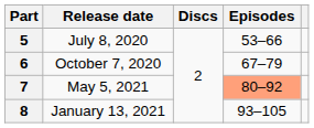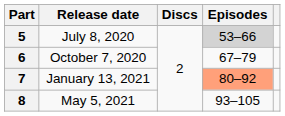 <table class="wikitable" style="text-align: center; width: 26%;">
 <tr>
 <th scope="col">Part</th>
 <th scope="col">Release date</th>
 <th scope="col">Discs</th>
 <th scope="col">Episodes</th>
 <th scope="col"></th>
 </tr>
 <tr>
 <th scope="row">5</th>
 <td>July 8, 2020</td>
 <td rowspan="4">2</td>
-<td>53–66</td>
+<td style="background: lightgrey;">53–66</td>
 <td></td>
 </tr>
 <tr>
 <th scope="row">6</th>
 <td>October 7, 2020</td>
 <td>67–79</td>
 <td></td>
 </tr>
 <tr>
 <th scope="row">7</th>
-<td>May 5, 2021</td>
+<td>January 13, 2021</td>
 <td style="background: lightsalmon;">80–92</td>
 <td></td>
 </tr>
 <tr>
 <th scope="row">8</th>
-<td>January 13, 2021</td>
+<td>May 5, 2021</td>
 <td>93–105</td>
 <td></td>
 </tr>
 </table>
